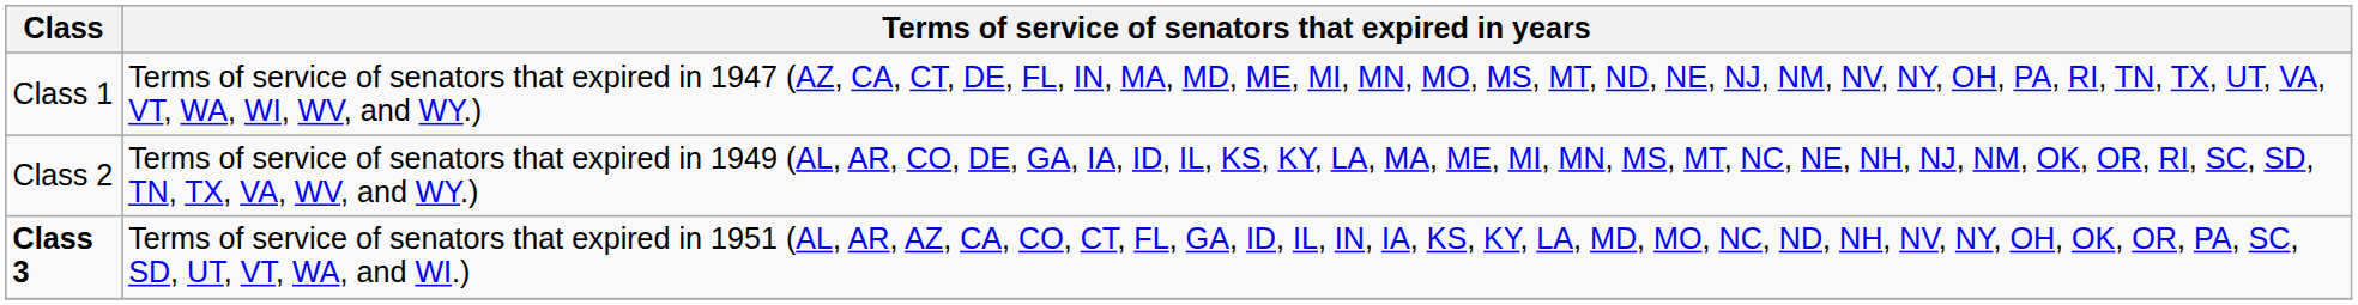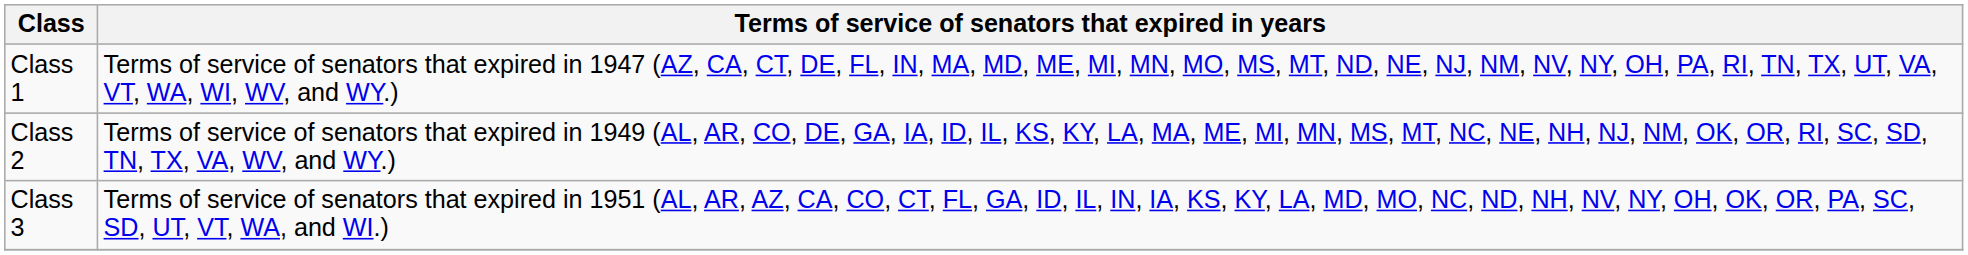 <table class="wikitable sortable">
 <tr valign=bottom>
 <th>Class</th>
 <th>Terms of service of senators that expired in years</th>
 </tr>
 <tr>
 <td>Class 1</td>
 <td>Terms of service of senators that expired in 1947 (<a href='#'>AZ</a>, <a href='#'>CA</a>, <a href='#'>CT</a>, <a href='#'>DE</a>, <a href='#'>FL</a>, <a href='#'>IN</a>, <a href='#'>MA</a>, <a href='#'>MD</a>, <a href='#'>ME</a>,  <a href='#'>MI</a>, <a href='#'>MN</a>, <a href='#'>MO</a>, <a href='#'>MS</a>, <a href='#'>MT</a>, <a href='#'>ND</a>, <a href='#'>NE</a>, <a href='#'>NJ</a>, <a href='#'>NM</a>, <a href='#'>NV</a>, <a href='#'>NY</a>, <a href='#'>OH</a>, <a href='#'>PA</a>, <a href='#'>RI</a>, <a href='#'>TN</a>, <a href='#'>TX</a>, <a href='#'>UT</a>, <a href='#'>VA</a>, <a href='#'>VT</a>, <a href='#'>WA</a>, <a href='#'>WI</a>, <a href='#'>WV</a>, and <a href='#'>WY</a>.)</td>
 </tr>
 <tr>
 <td>Class 2</td>
 <td>Terms of service of senators that expired in 1949 (<a href='#'>AL</a>, <a href='#'>AR</a>, <a href='#'>CO</a>, <a href='#'>DE</a>, <a href='#'>GA</a>, <a href='#'>IA</a>, <a href='#'>ID</a>, <a href='#'>IL</a>, <a href='#'>KS</a>, <a href='#'>KY</a>, <a href='#'>LA</a>, <a href='#'>MA</a>, <a href='#'>ME</a>, <a href='#'>MI</a>, <a href='#'>MN</a>, <a href='#'>MS</a>, <a href='#'>MT</a>, <a href='#'>NC</a>, <a href='#'>NE</a>, <a href='#'>NH</a>, <a href='#'>NJ</a>, <a href='#'>NM</a>, <a href='#'>OK</a>, <a href='#'>OR</a>, <a href='#'>RI</a>, <a href='#'>SC</a>, <a href='#'>SD</a>, <a href='#'>TN</a>, <a href='#'>TX</a>, <a href='#'>VA</a>, <a href='#'>WV</a>, and <a href='#'>WY</a>.)</td>
 </tr>
 <tr>
-<td><strong>Class 3</strong></td>
+<td>Class 3</td>
 <td>Terms of service of senators that expired in 1951 (<a href='#'>AL</a>, <a href='#'>AR</a>, <a href='#'>AZ</a>, <a href='#'>CA</a>, <a href='#'>CO</a>, <a href='#'>CT</a>, <a href='#'>FL</a>, <a href='#'>GA</a>, <a href='#'>ID</a>, <a href='#'>IL</a>, <a href='#'>IN</a>, <a href='#'>IA</a>, <a href='#'>KS</a>, <a href='#'>KY</a>, <a href='#'>LA</a>, <a href='#'>MD</a>, <a href='#'>MO</a>, <a href='#'>NC</a>, <a href='#'>ND</a>, <a href='#'>NH</a>, <a href='#'>NV</a>, <a href='#'>NY</a>, <a href='#'>OH</a>, <a href='#'>OK</a>, <a href='#'>OR</a>, <a href='#'>PA</a>, <a href='#'>SC</a>, <a href='#'>SD</a>, <a href='#'>UT</a>, <a href='#'>VT</a>, <a href='#'>WA</a>, and <a href='#'>WI</a>.)</td>
 </tr>
 <tr>
 </tr>
 </table>
